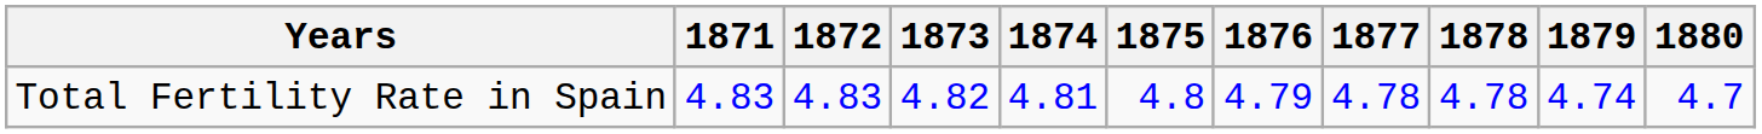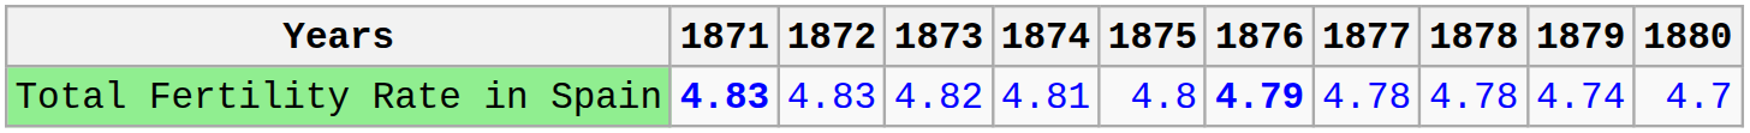 <table class="wikitable " style="text-align:right">
 <tr>
 <th>Years</th>
 <th>1871</th>
 <th>1872</th>
 <th>1873</th>
 <th>1874</th>
 <th>1875</th>
 <th>1876</th>
 <th>1877</th>
 <th>1878</th>
 <th>1879</th>
 <th>1880</th>
 </tr>
 <tr>
-<td align="left">Total Fertility Rate in Spain</td>
-<td style="text-align:right; color:blue;">4.83</td>
+<td align="left" style="background: lightgreen;">Total Fertility Rate in Spain</td>
+<td style="text-align:right; color:blue;"><strong>4.83</strong></td>
 <td style="text-align:right; color:blue;">4.83</td>
 <td style="text-align:right; color:blue;">4.82</td>
 <td style="text-align:right; color:blue;">4.81</td>
 <td style="text-align:right; color:blue;">4.8</td>
-<td style="text-align:right; color:blue;">4.79</td>
+<td style="text-align:right; color:blue;"><strong>4.79</strong></td>
 <td style="text-align:right; color:blue;">4.78</td>
 <td style="text-align:right; color:blue;">4.78</td>
 <td style="text-align:right; color:blue;">4.74</td>
 <td style="text-align:right; color:blue;">4.7</td>
 </tr>
 </table>
